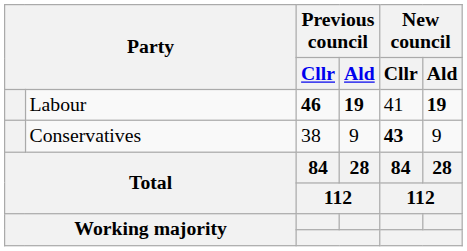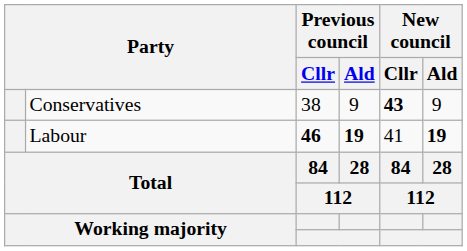 <table class="wikitable">
 <tr>
 <th colspan="2" rowspan="2" style="width: 230px">Party</th>
 <th valign=top colspan="2" style="width: 30px">Previous council</th>
 <th valign=top colspan="2" style="width: 30px">New council</th>
 </tr>
 <tr>
 <th><a href='#'>Cllr</a></th>
 <th><a href='#'>Ald</a></th>
 <th>Cllr</th>
 <th>Ald</th>
 </tr>
 <tr>
 <th style="background-color: "></th>
+<td>Conservatives</td>
+<td>38</td>
+<td> 9</td>
+<td><strong>43</strong></td>
+<td> 9</td>
+</tr>
+<tr>
+<th style="background-color: "></th>
 <td>Labour</td>
 <td><strong>46</strong></td>
 <td><strong>19</strong></td>
 <td>41</td>
 <td><strong>19</strong></td>
-</tr>
-<tr>
-<th style="background-color: "></th>
-<td>Conservatives</td>
-<td>38</td>
-<td> 9</td>
-<td><strong>43</strong></td>
-<td> 9</td>
 </tr>
 <tr>
 <th colspan="2" rowspan="2">Total</th>
 <th style="text-align: center">84</th>
 <th style="text-align: center">28</th>
 <th style="text-align: center">84</th>
 <th style="text-align: center">28</th>
 </tr>
 <tr>
 <th colspan="2" style="text-align: center">112</th>
 <th colspan="2" style="text-align: center">112</th>
 </tr>
 <tr>
 <th colspan="2" rowspan="2">Working majority</th>
 <th></th>
 <th></th>
 <th></th>
 <th></th>
 </tr>
 <tr>
 <th colspan="2"></th>
 <th colspan="2"></th>
 </tr>
 </table>
